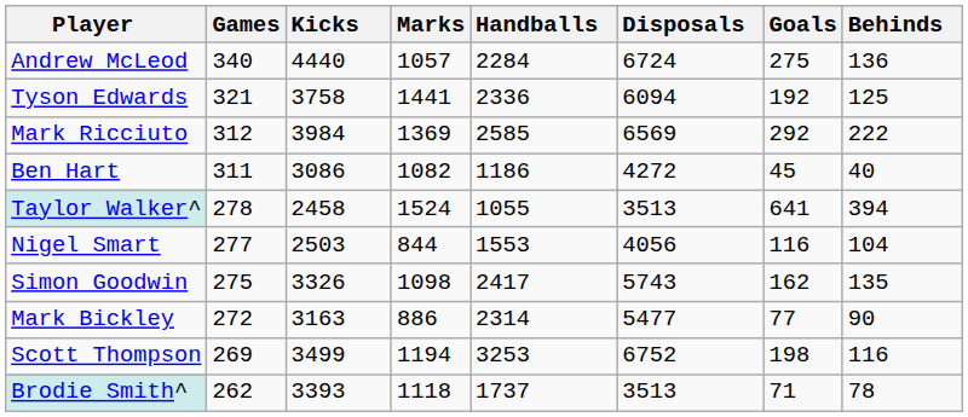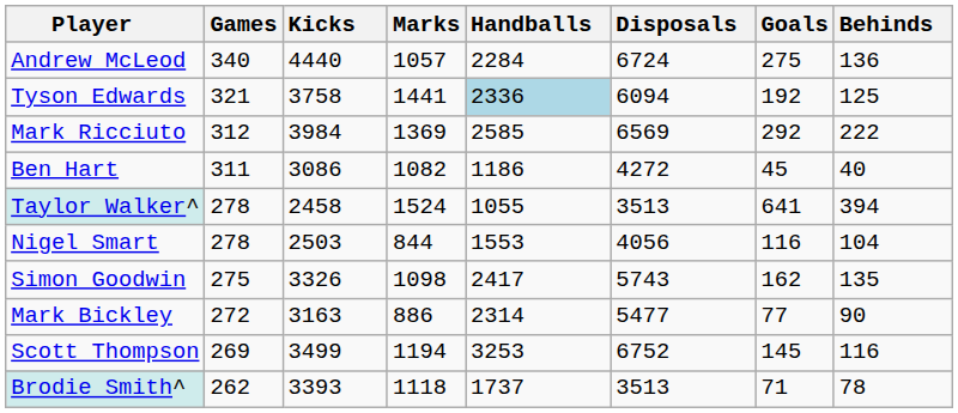 <table class="wikitable sortable">
 <tr>
 <th>Player  </th>
 <th>Games</th>
 <th>Kicks  </th>
 <th>Marks</th>
 <th>Handballs </th>
 <th>Disposals </th>
 <th>Goals</th>
 <th>Behinds </th>
 </tr>
 <tr>
 <td><a href='#'>Andrew McLeod</a></td>
 <td>340</td>
 <td>4440</td>
 <td>1057</td>
 <td>2284</td>
 <td>6724</td>
 <td>275</td>
 <td>136</td>
 </tr>
 <tr>
 <td><a href='#'>Tyson Edwards</a></td>
 <td>321</td>
 <td>3758</td>
 <td>1441</td>
-<td>2336</td>
+<td style="background: lightblue;">2336</td>
 <td>6094</td>
 <td>192</td>
 <td>125</td>
 </tr>
 <tr>
 <td><a href='#'>Mark Ricciuto</a></td>
 <td>312</td>
 <td>3984</td>
 <td>1369</td>
 <td>2585</td>
 <td>6569</td>
 <td>292</td>
 <td>222</td>
 </tr>
 <tr>
 <td><a href='#'>Ben Hart</a></td>
 <td>311</td>
 <td>3086</td>
 <td>1082</td>
 <td>1186</td>
 <td>4272</td>
 <td>45</td>
 <td>40</td>
 </tr>
 <tr>
 <td style="background-color:#CFECEC"><a href='#'>Taylor Walker</a>^</td>
 <td>278</td>
 <td>2458</td>
 <td>1524</td>
 <td>1055</td>
 <td>3513</td>
 <td>641</td>
 <td>394</td>
 </tr>
 <tr>
 <td><a href='#'>Nigel Smart</a></td>
-<td>277</td>
+<td>278</td>
 <td>2503</td>
 <td>844</td>
 <td>1553</td>
 <td>4056</td>
 <td>116</td>
 <td>104</td>
 </tr>
 <tr>
 <td><a href='#'>Simon Goodwin</a></td>
 <td>275</td>
 <td>3326</td>
 <td>1098</td>
 <td>2417</td>
 <td>5743</td>
 <td>162</td>
 <td>135</td>
 </tr>
 <tr>
 <td><a href='#'>Mark Bickley</a></td>
 <td>272</td>
 <td>3163</td>
 <td>886</td>
 <td>2314</td>
 <td>5477</td>
 <td>77</td>
 <td>90</td>
 </tr>
 <tr>
 <td><a href='#'>Scott Thompson</a></td>
 <td>269</td>
 <td>3499</td>
 <td>1194</td>
 <td>3253</td>
 <td>6752</td>
-<td>198</td>
+<td>145</td>
 <td>116</td>
 </tr>
 <tr>
 <td style="background-color:#CFECEC"><a href='#'>Brodie Smith</a>^</td>
 <td>262</td>
 <td>3393</td>
 <td>1118</td>
 <td>1737</td>
 <td>3513</td>
 <td>71</td>
 <td>78</td>
 </tr>
 </table>
